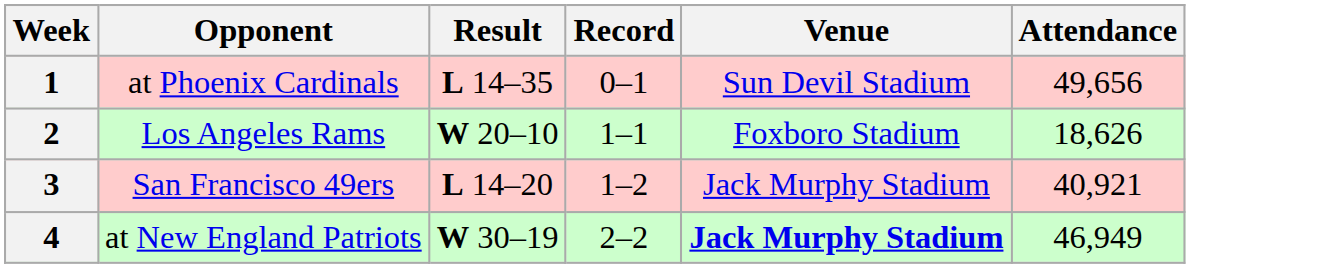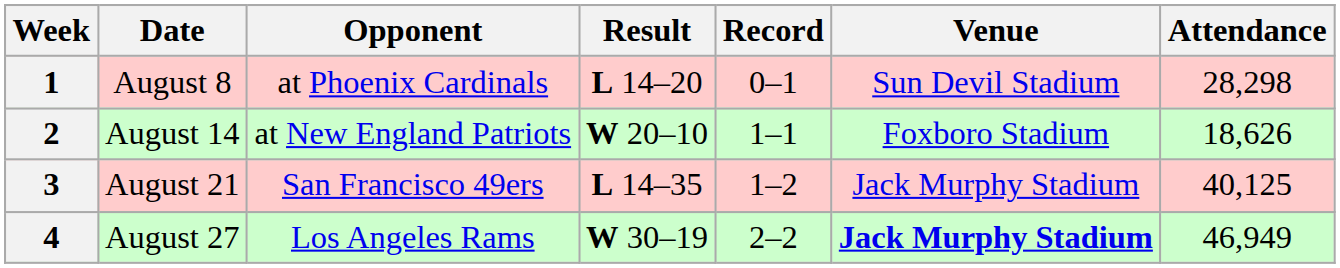 <table class="wikitable" style="text-align:center">
 <tr>
 <th>Week</th>
+<th>Date</th>
 <th>Opponent</th>
 <th>Result</th>
 <th>Record</th>
 <th>Venue</th>
 <th>Attendance</th>
 </tr>
 <tr style="background: #fcc;">
 <th>1</th>
+<td>August 8</td>
 <td>at <a href='#'>Phoenix Cardinals</a></td>
-<td><strong>L</strong> 14–35</td>
+<td><strong>L</strong> 14–20</td>
 <td>0–1</td>
 <td><a href='#'>Sun Devil Stadium</a></td>
-<td>49,656</td>
+<td>28,298</td>
 </tr>
 <tr style="background: #cfc;">
 <th>2</th>
-<td><a href='#'>Los Angeles Rams</a></td>
+<td>August 14</td>
+<td>at <a href='#'>New England Patriots</a></td>
 <td><strong>W</strong> 20–10</td>
 <td>1–1</td>
 <td><a href='#'>Foxboro Stadium</a></td>
 <td>18,626</td>
 </tr>
 <tr style="background: #fcc;">
 <th>3</th>
+<td>August 21</td>
 <td><a href='#'>San Francisco 49ers</a></td>
-<td><strong>L</strong> 14–20</td>
+<td><strong>L</strong> 14–35</td>
 <td>1–2</td>
 <td><a href='#'>Jack Murphy Stadium</a></td>
-<td>40,921</td>
+<td>40,125</td>
 </tr>
 <tr style="background: #cfc;">
 <th>4</th>
-<td>at <a href='#'>New England Patriots</a></td>
+<td>August 27</td>
+<td><a href='#'>Los Angeles Rams</a></td>
 <td><strong>W</strong> 30–19</td>
 <td>2–2</td>
 <td><strong><a href='#'>Jack Murphy Stadium</a></strong></td>
 <td>46,949</td>
 </tr>
 </table>
